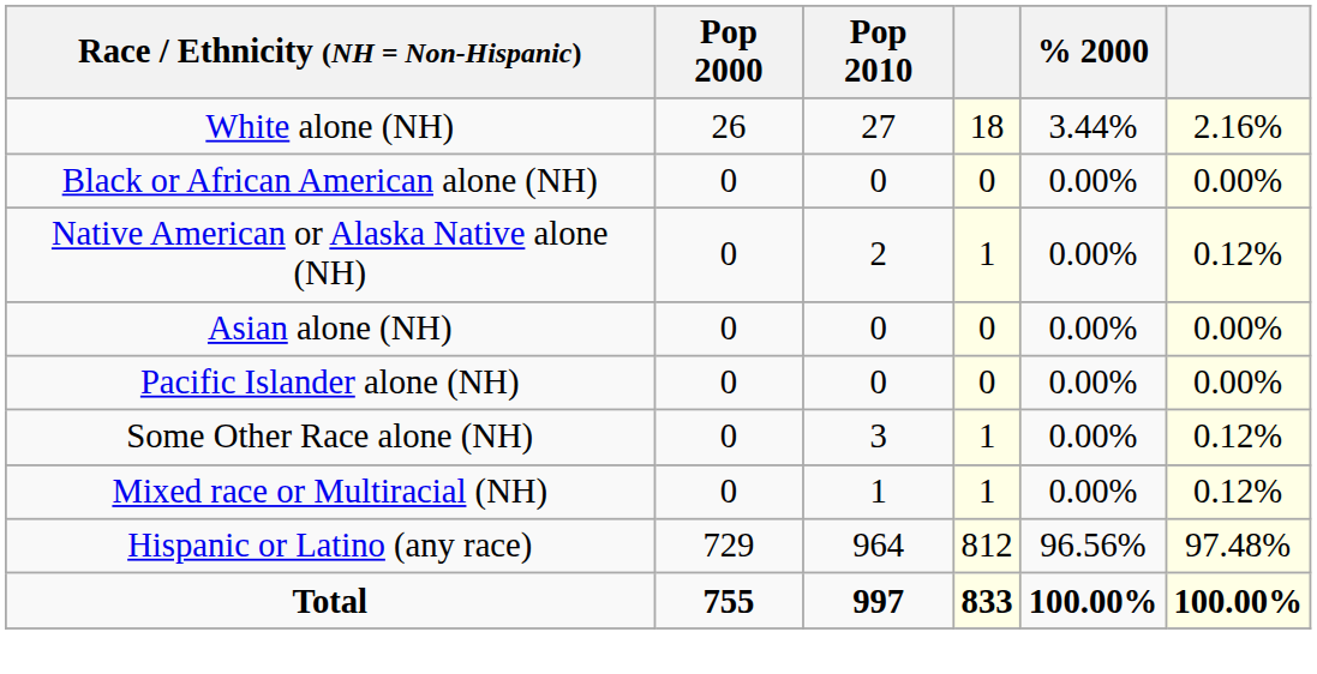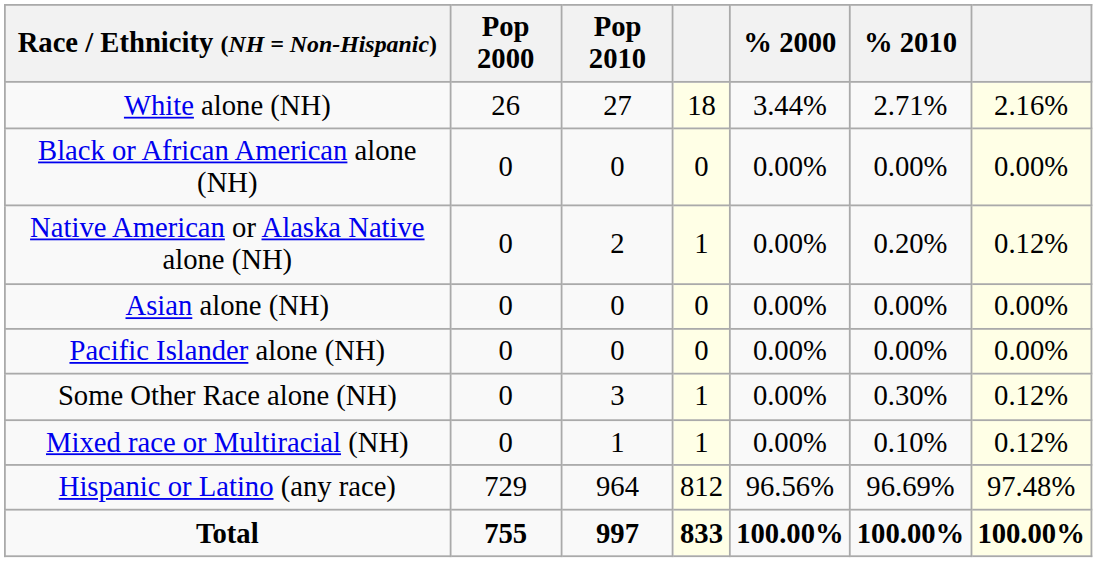 <table class="wikitable" style="text-align:center;">
 <tr>
 <th>Race / Ethnicity <small>(<em>NH = Non-Hispanic</em>)</small></th>
 <th>Pop 2000</th>
 <th>Pop 2010</th>
 <th></th>
 <th>% 2000</th>
+<th>% 2010</th>
 <th></th>
 </tr>
 <tr>
 <td><a href='#'>White</a> alone (NH)</td>
 <td>26</td>
 <td>27</td>
 <td style='background: #ffffe6;'>18</td>
 <td>3.44%</td>
+<td>2.71%</td>
 <td style='background: #ffffe6;'>2.16%</td>
 </tr>
 <tr>
 <td><a href='#'>Black or African American</a> alone (NH)</td>
 <td>0</td>
 <td>0</td>
 <td style='background: #ffffe6;'>0</td>
+<td>0.00%</td>
 <td>0.00%</td>
 <td style='background: #ffffe6;'>0.00%</td>
 </tr>
 <tr>
 <td><a href='#'>Native American</a> or <a href='#'>Alaska Native</a> alone (NH)</td>
 <td>0</td>
 <td>2</td>
 <td style='background: #ffffe6;'>1</td>
 <td>0.00%</td>
+<td>0.20%</td>
 <td style='background: #ffffe6;'>0.12%</td>
 </tr>
 <tr>
 <td><a href='#'>Asian</a> alone (NH)</td>
 <td>0</td>
 <td>0</td>
 <td style='background: #ffffe6;'>0</td>
+<td>0.00%</td>
 <td>0.00%</td>
 <td style='background: #ffffe6;'>0.00%</td>
 </tr>
 <tr>
 <td><a href='#'>Pacific Islander</a> alone (NH)</td>
 <td>0</td>
 <td>0</td>
 <td style='background: #ffffe6;'>0</td>
 <td>0.00%</td>
+<td>0.00%</td>
 <td style='background: #ffffe6;'>0.00%</td>
 </tr>
 <tr>
 <td>Some Other Race alone (NH)</td>
 <td>0</td>
 <td>3</td>
 <td style='background: #ffffe6;'>1</td>
 <td>0.00%</td>
+<td>0.30%</td>
 <td style='background: #ffffe6;'>0.12%</td>
 </tr>
 <tr>
 <td><a href='#'>Mixed race or Multiracial</a> (NH)</td>
 <td>0</td>
 <td>1</td>
 <td style='background: #ffffe6;'>1</td>
 <td>0.00%</td>
+<td>0.10%</td>
 <td style='background: #ffffe6;'>0.12%</td>
 </tr>
 <tr>
 <td><a href='#'>Hispanic or Latino</a> (any race)</td>
 <td>729</td>
 <td>964</td>
 <td style='background: #ffffe6;'>812</td>
 <td>96.56%</td>
+<td>96.69%</td>
 <td style='background: #ffffe6;'>97.48%</td>
 </tr>
 <tr>
 <td><strong>Total</strong></td>
 <td><strong>755</strong></td>
 <td><strong>997</strong></td>
 <td style='background: #ffffe6;'><strong>833</strong></td>
 <td><strong>100.00%</strong></td>
+<td><strong>100.00%</strong></td>
 <td style='background: #ffffe6;'><strong>100.00%</strong></td>
 </tr>
 </table>
